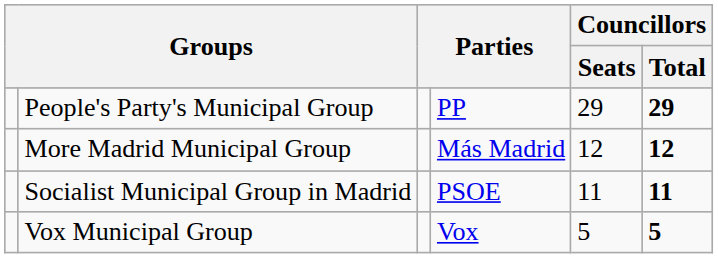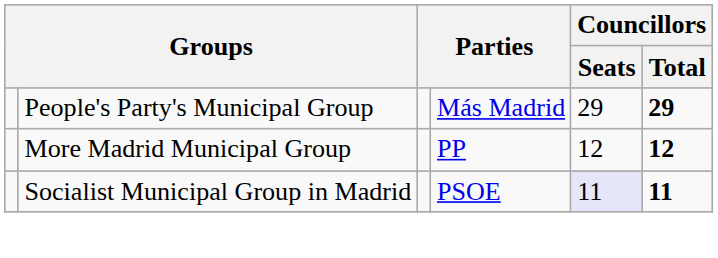 <table class="wikitable" style="text-align:left;">
 <tr>
 <th rowspan="2" colspan="2">Groups</th>
 <th rowspan="2" colspan="2">Parties</th>
 <th colspan="2">Councillors</th>
 </tr>
 <tr>
 <th>Seats</th>
 <th>Total</th>
 </tr>
 <tr>
 <td width="1" style="color:inherit;background:"></td>
 <td>People's Party's Municipal Group</td>
 <td width="1" style="color:inherit;background:"></td>
-<td><a href='#'>PP</a></td>
+<td><a href='#'>Más Madrid</a></td>
 <td>29</td>
 <td><strong>29</strong></td>
 </tr>
 <tr>
 <td style="color:inherit;background:"></td>
 <td>More Madrid Municipal Group</td>
 <td style="color:inherit;background:"></td>
-<td><a href='#'>Más Madrid</a></td>
+<td><a href='#'>PP</a></td>
 <td>12</td>
 <td><strong>12</strong></td>
 </tr>
 <tr>
 <td style="color:inherit;background:"></td>
 <td>Socialist Municipal Group in Madrid</td>
 <td style="color:inherit;background:"></td>
 <td><a href='#'>PSOE</a></td>
-<td>11</td>
+<td style="background: lavender;">11</td>
 <td><strong>11</strong></td>
 </tr>
-<tr>
-<td style="color:inherit;background:"></td>
-<td>Vox Municipal Group</td>
-<td style="color:inherit;background:"></td>
-<td><a href='#'>Vox</a></td>
-<td>5</td>
-<td><strong>5</strong></td>
-</tr>
 </table>
